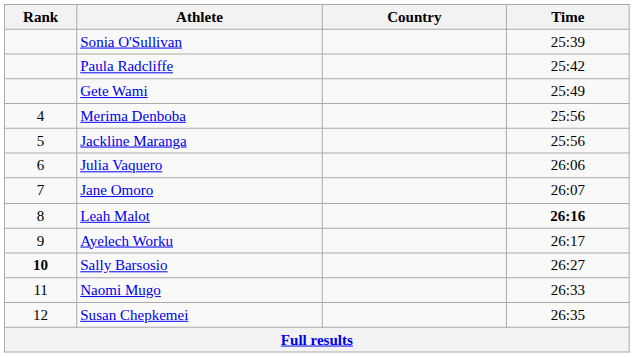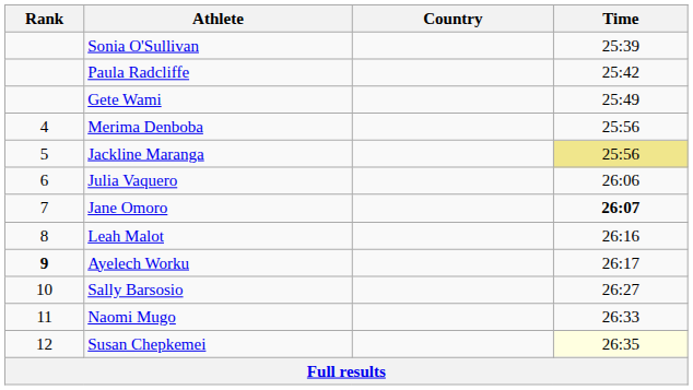 <table class="wikitable sortable" style=" text-align:center; font-size:95%;" width="50%">
 <tr>
 </tr>
 <tr>
 <th width=5%>Rank</th>
 <th width=20%>Athlete</th>
 <th width=15%>Country</th>
 <th width=10%>Time</th>
 </tr>
 <tr>
 <td align=center></td>
 <td align=left><a href='#'>Sonia O'Sullivan</a></td>
 <td align=left></td>
 <td>25:39</td>
 </tr>
 <tr>
 <td align=center></td>
 <td align=left><a href='#'>Paula Radcliffe</a></td>
 <td align=left></td>
 <td>25:42</td>
 </tr>
 <tr>
 <td align=center></td>
 <td align=left><a href='#'>Gete Wami</a></td>
 <td align=left></td>
 <td>25:49</td>
 </tr>
 <tr>
 <td align=center>4</td>
 <td align=left><a href='#'>Merima Denboba</a></td>
 <td align=left></td>
 <td>25:56</td>
 </tr>
 <tr>
 <td align=center>5</td>
 <td align=left><a href='#'>Jackline Maranga</a></td>
 <td align=left></td>
-<td>25:56</td>
+<td style="background: khaki;">25:56</td>
 </tr>
 <tr>
 <td align=center>6</td>
 <td align=left><a href='#'>Julia Vaquero</a></td>
 <td align=left></td>
 <td>26:06</td>
 </tr>
 <tr>
 <td align=center>7</td>
 <td align=left><a href='#'>Jane Omoro</a></td>
 <td align=left></td>
-<td>26:07</td>
+<td><strong>26:07</strong></td>
 </tr>
 <tr>
 <td align=center>8</td>
 <td align=left><a href='#'>Leah Malot</a></td>
 <td align=left></td>
-<td><strong>26:16</strong></td>
+<td>26:16</td>
 </tr>
 <tr>
-<td align=center>9</td>
+<td align=center><strong>9</strong></td>
 <td align=left><a href='#'>Ayelech Worku</a></td>
 <td align=left></td>
 <td>26:17</td>
 </tr>
 <tr>
-<td align=center><strong>10</strong></td>
+<td align=center>10</td>
 <td align=left><a href='#'>Sally Barsosio</a></td>
 <td align=left></td>
 <td>26:27</td>
 </tr>
 <tr>
 <td align=center>11</td>
 <td align=left><a href='#'>Naomi Mugo</a></td>
 <td align=left></td>
 <td>26:33</td>
 </tr>
 <tr>
 <td align=center>12</td>
 <td align=left><a href='#'>Susan Chepkemei</a></td>
 <td align=left></td>
-<td>26:35</td>
+<td style="background: lightyellow;">26:35</td>
 </tr>
 <tr class="sortbottom">
 <th colspan=4 align=center><a href='#'>Full results</a></th>
 </tr>
 </table>
